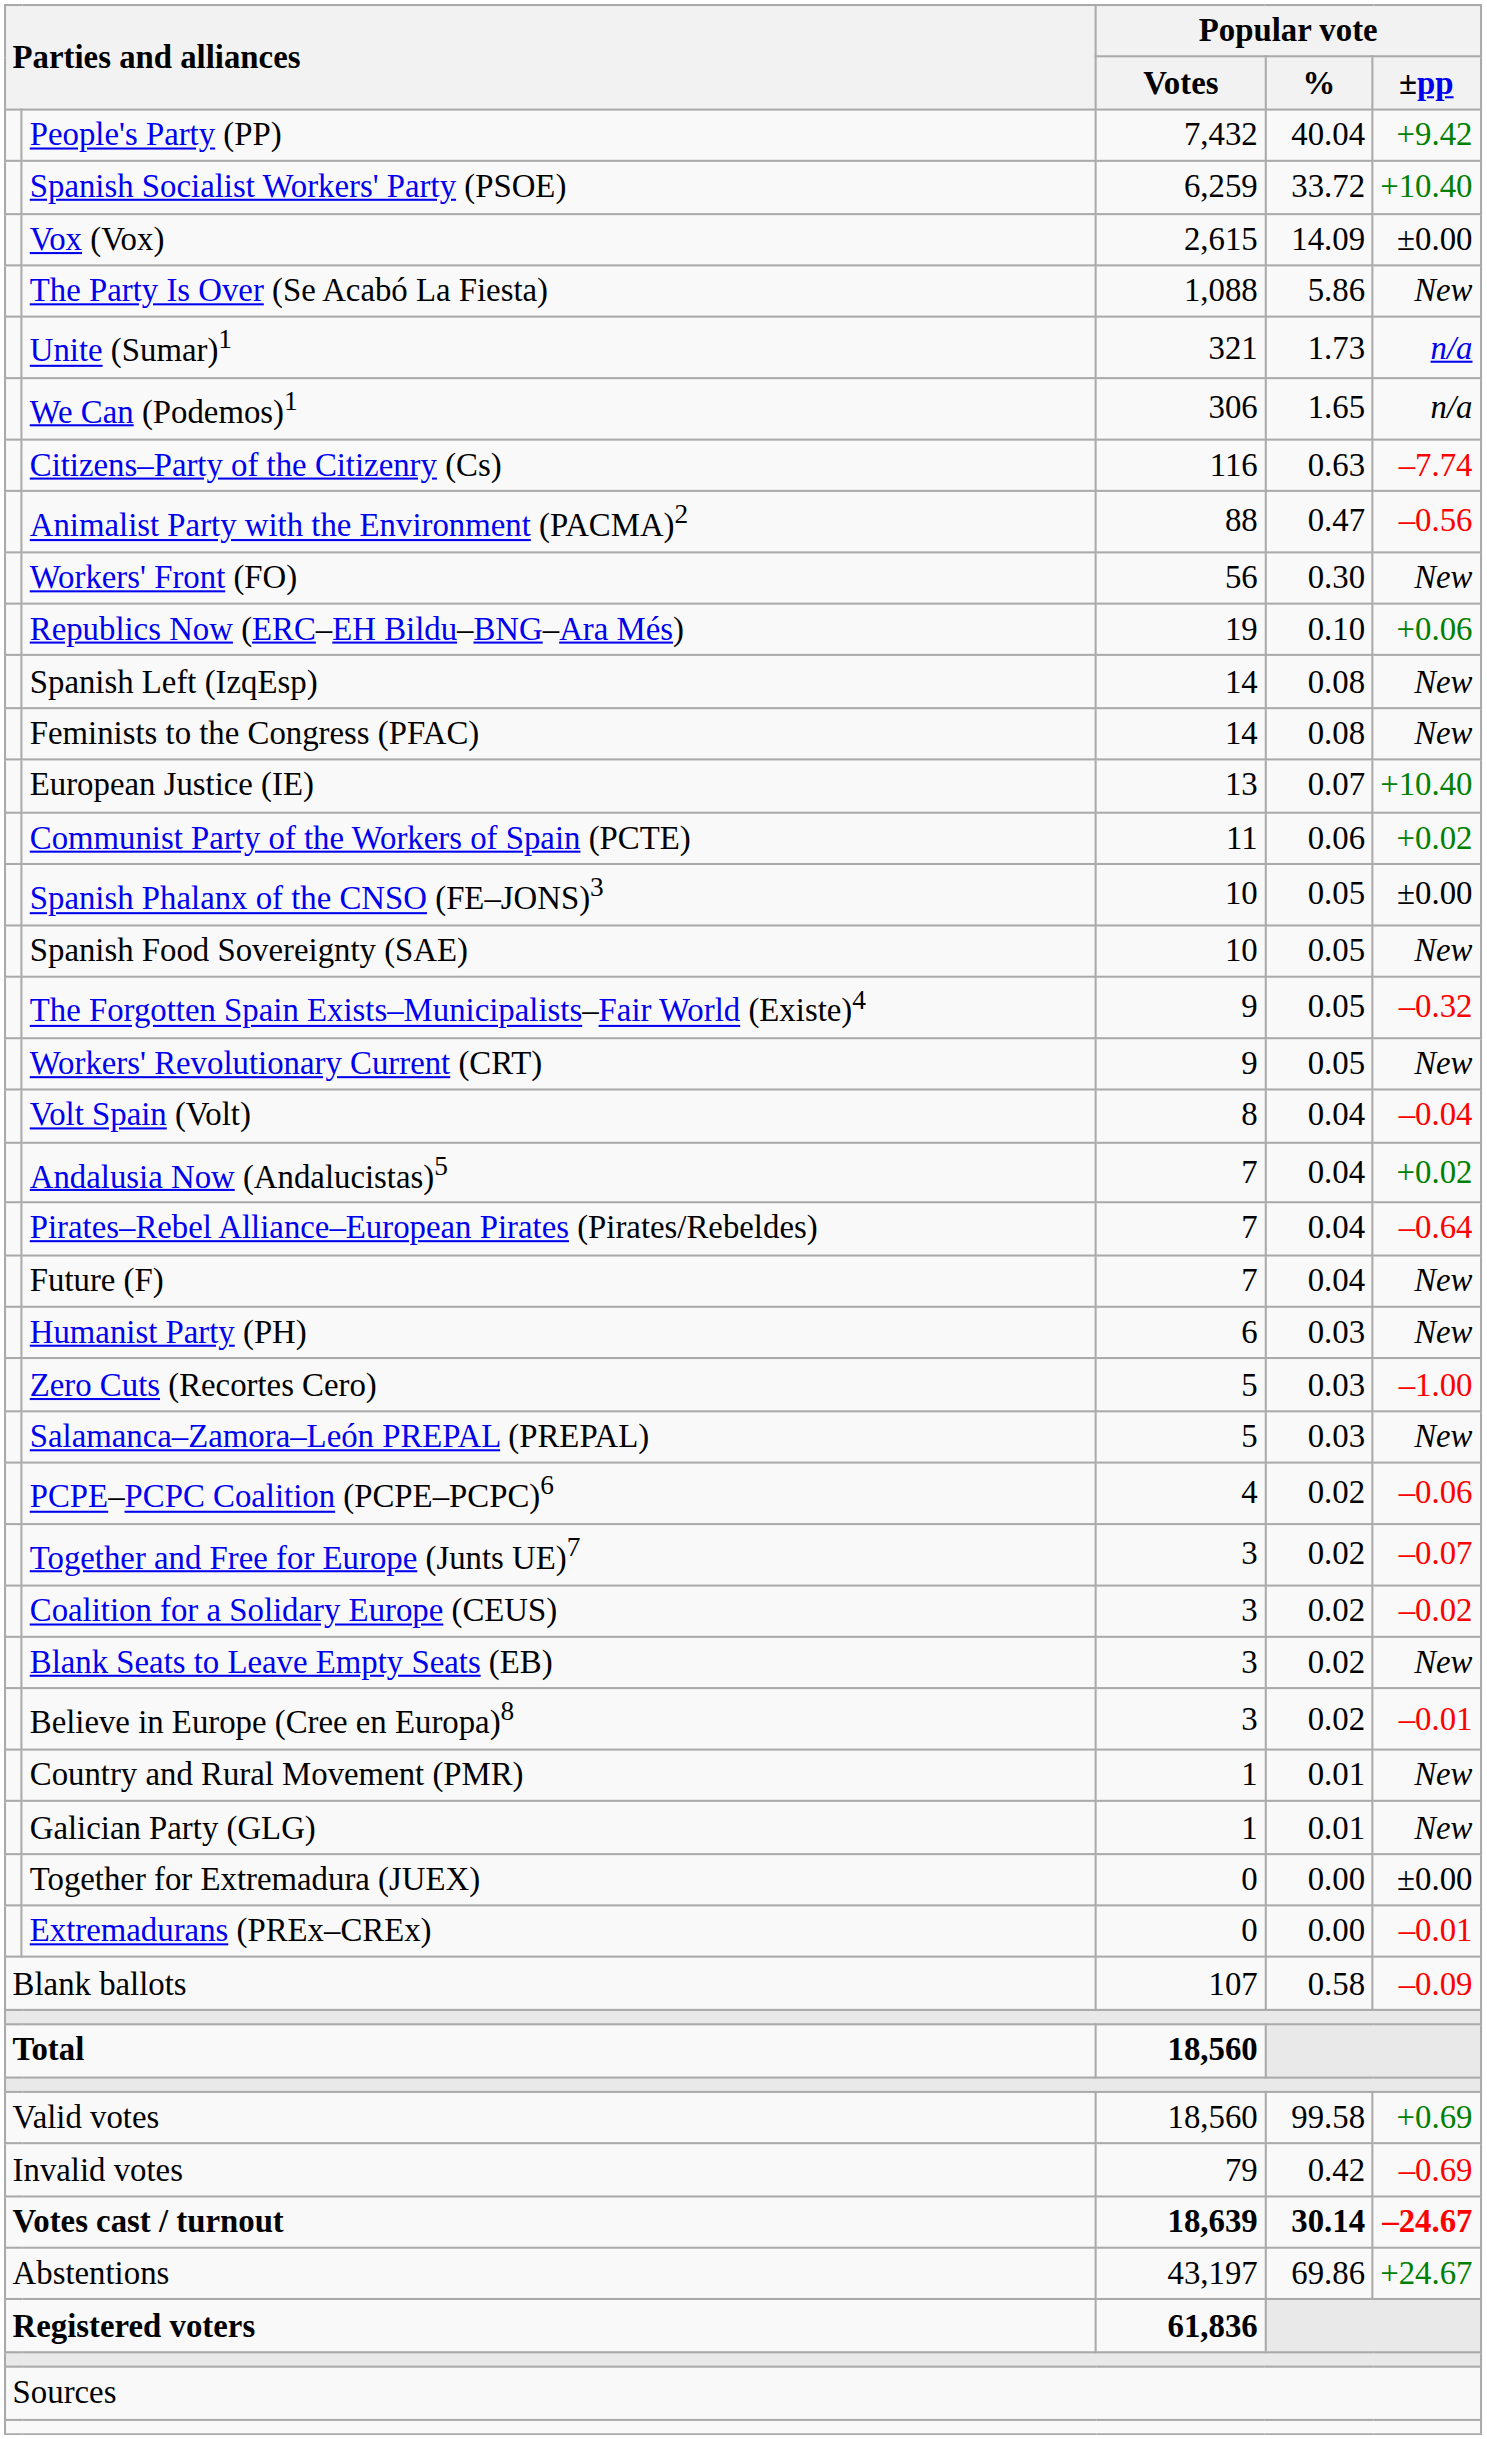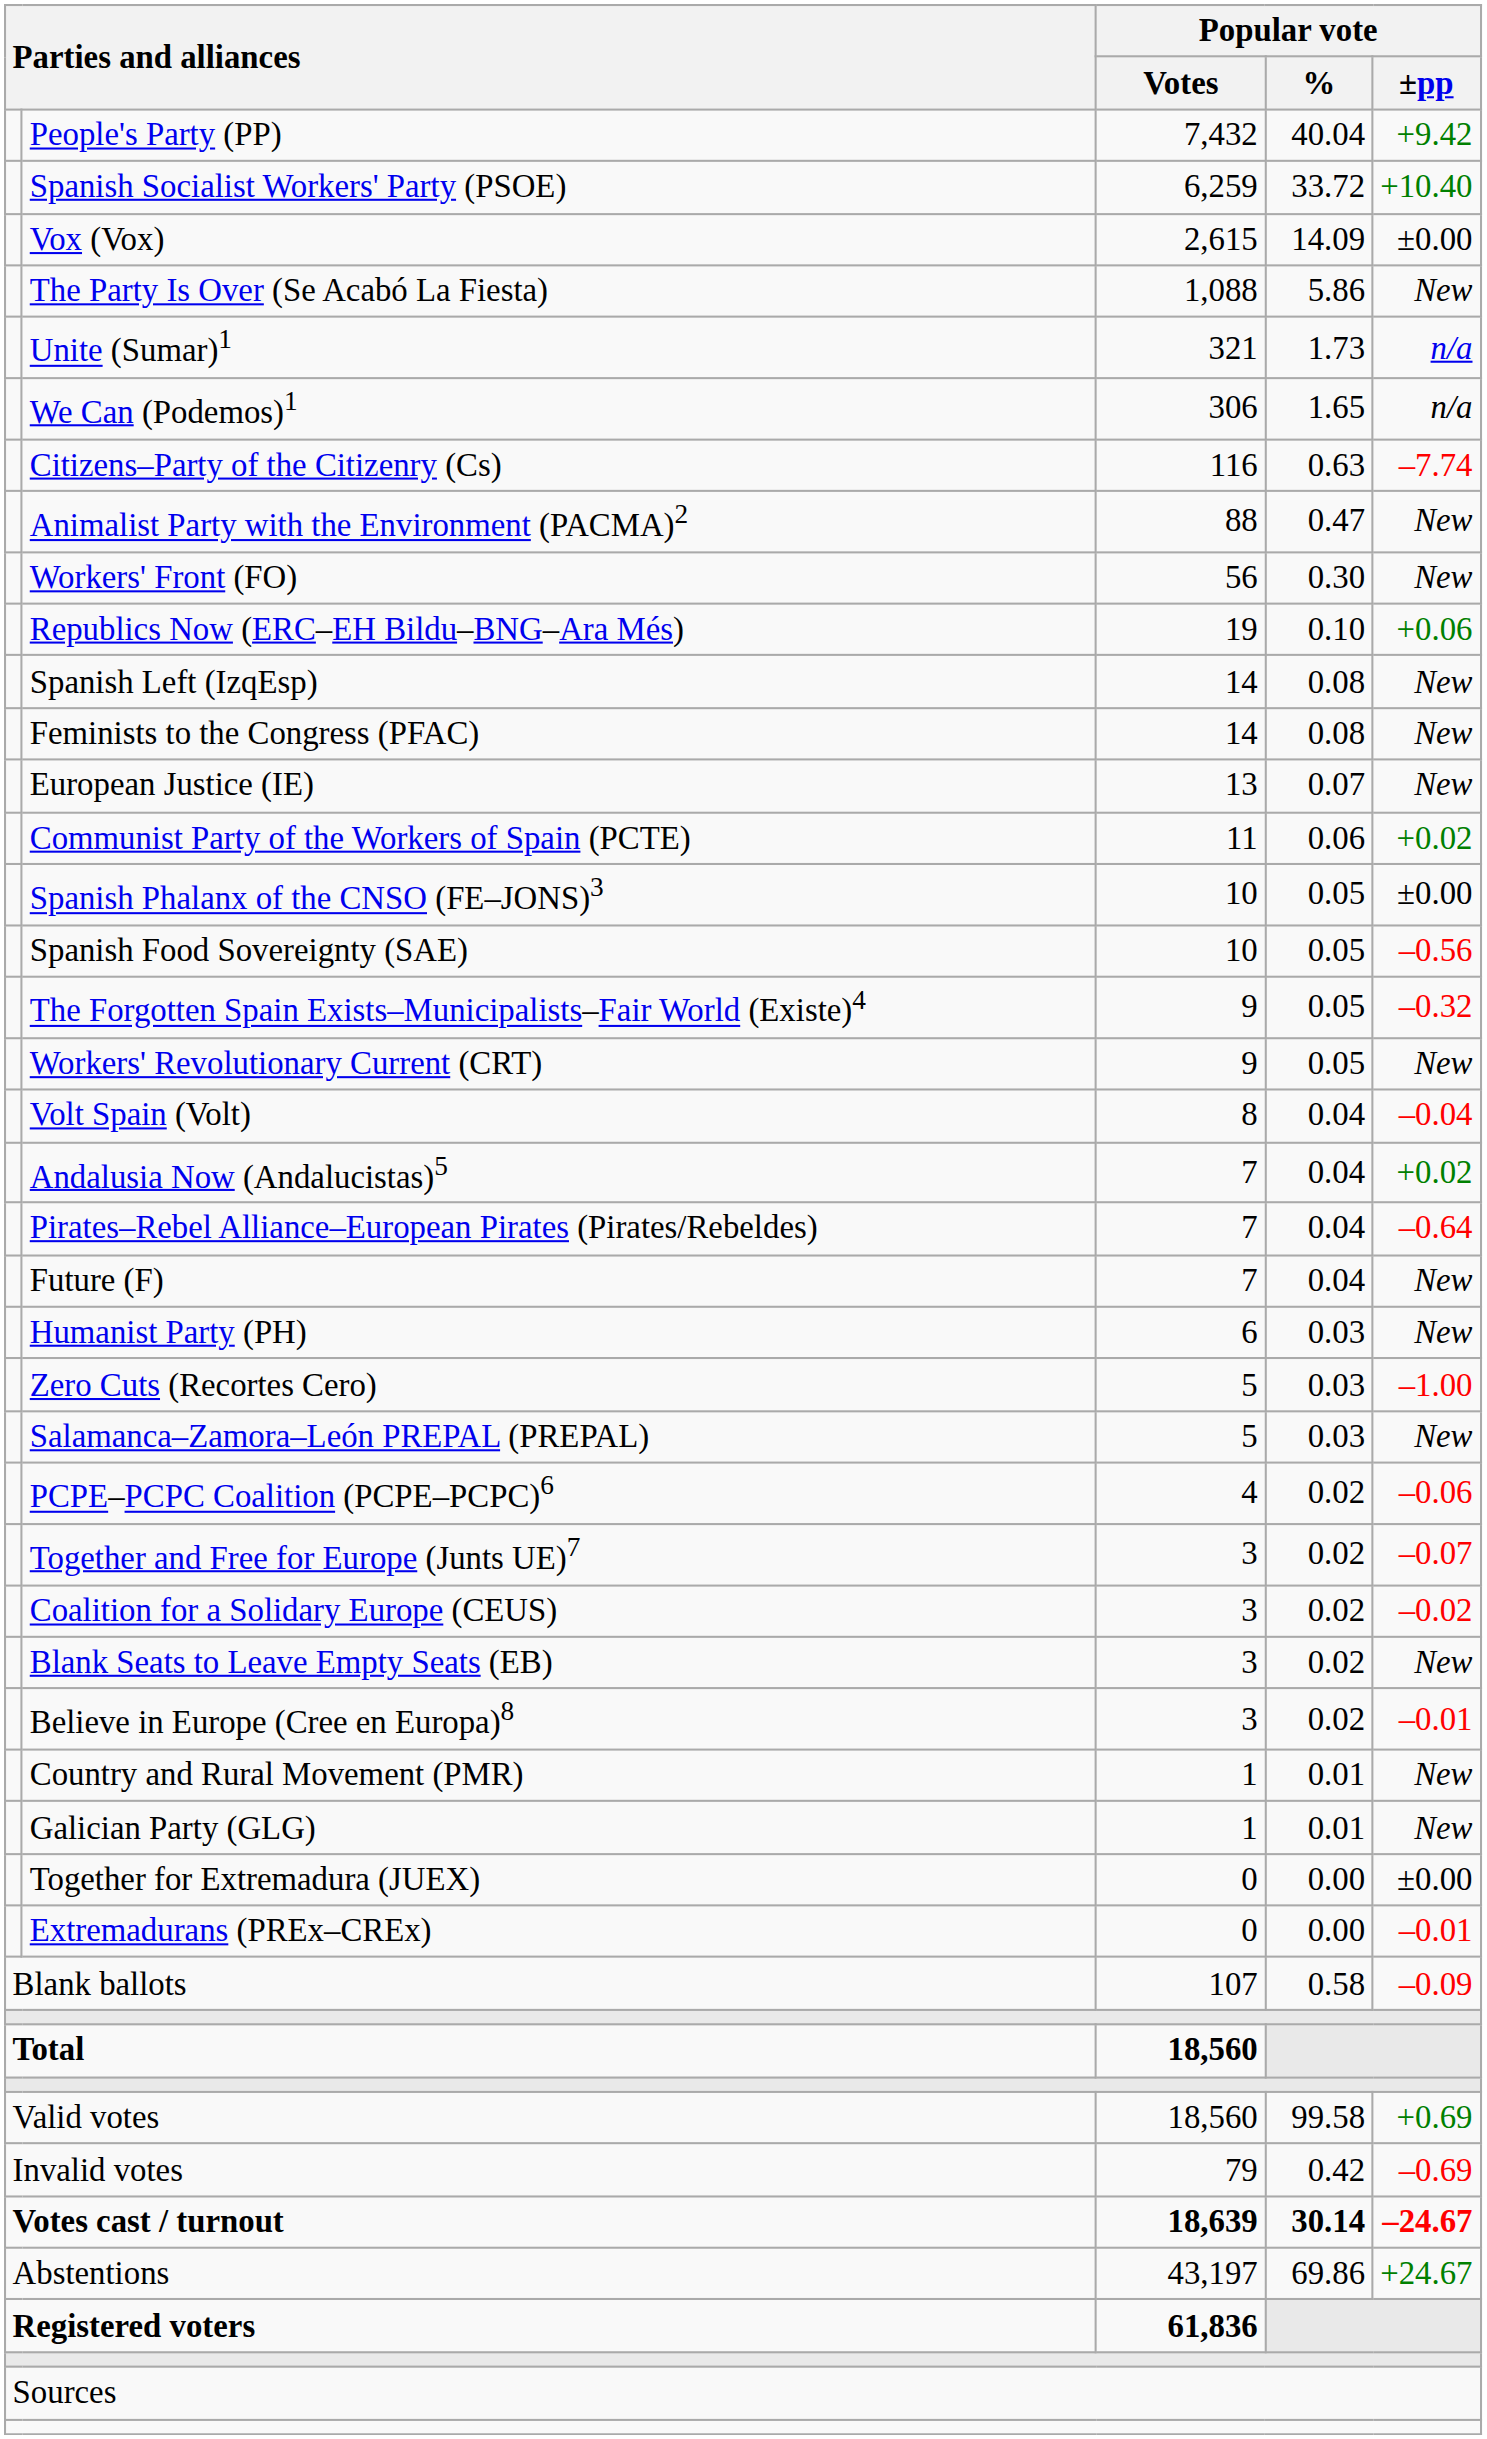 <table class="wikitable" style="text-align:right;">
 <tr>
 <th style="text-align:left;" rowspan="2" colspan="2" width="525">Parties and alliances</th>
 <th colspan="3">Popular vote</th>
 </tr>
 <tr bgcolor="#E9E9E9" align="center">
 <th width="75">Votes</th>
 <th width="45">%</th>
 <th width="45">±<a href='#'>pp</a></th>
 </tr>
 <tr>
 <td width="1" style="color:inherit;background:"></td>
 <td align="left"><a href='#'>People's Party</a> (PP)</td>
 <td>7,432</td>
 <td>40.04</td>
 <td style="color:green;">+9.42</td>
 </tr>
 <tr>
 <td style="color:inherit;background:"></td>
 <td align="left"><a href='#'>Spanish Socialist Workers' Party</a> (PSOE)</td>
 <td>6,259</td>
 <td>33.72</td>
 <td style="color:green;">+10.40</td>
 </tr>
 <tr>
 <td style="color:inherit;background:"></td>
 <td align="left"><a href='#'>Vox</a> (Vox)</td>
 <td>2,615</td>
 <td>14.09</td>
 <td>±0.00</td>
 </tr>
 <tr>
 <td style="color:inherit;background:"></td>
 <td align="left"><a href='#'>The Party Is Over</a> (Se Acabó La Fiesta)</td>
 <td>1,088</td>
 <td>5.86</td>
 <td><em>New</em></td>
 </tr>
 <tr>
 <td style="color:inherit;background:"></td>
 <td align="left"><a href='#'>Unite</a> (Sumar)<sup>1</sup></td>
 <td>321</td>
 <td>1.73</td>
 <td><em><a href='#'>n/a</a></em></td>
 </tr>
 <tr>
 <td style="color:inherit;background:"></td>
 <td align="left"><a href='#'>We Can</a> (Podemos)<sup>1</sup></td>
 <td>306</td>
 <td>1.65</td>
 <td><em>n/a</em></td>
 </tr>
 <tr>
 <td style="color:inherit;background:"></td>
 <td align="left"><a href='#'>Citizens–Party of the Citizenry</a> (Cs)</td>
 <td>116</td>
 <td>0.63</td>
 <td style="color:red;">–7.74</td>
 </tr>
 <tr>
 <td style="color:inherit;background:"></td>
 <td align="left"><a href='#'>Animalist Party with the Environment</a> (PACMA)<sup>2</sup></td>
 <td>88</td>
 <td>0.47</td>
-<td style="color:red;">–0.56</td>
+<td><em>New</em></td>
 </tr>
 <tr>
 <td style="color:inherit;background:"></td>
 <td align="left"><a href='#'>Workers' Front</a> (FO)</td>
 <td>56</td>
 <td>0.30</td>
 <td><em>New</em></td>
 </tr>
 <tr>
 <td style="color:inherit;background:"></td>
 <td align="left"><a href='#'>Republics Now</a> (<a href='#'>ERC</a>–<a href='#'>EH Bildu</a>–<a href='#'>BNG</a>–<a href='#'>Ara Més</a>)</td>
 <td>19</td>
 <td>0.10</td>
 <td style="color:green;">+0.06</td>
 </tr>
 <tr>
 <td style="color:inherit;background:"></td>
 <td align="left">Spanish Left (IzqEsp)</td>
 <td>14</td>
 <td>0.08</td>
 <td><em>New</em></td>
 </tr>
 <tr>
 <td style="color:inherit;background:"></td>
 <td align="left">Feminists to the Congress (PFAC)</td>
 <td>14</td>
 <td>0.08</td>
 <td><em>New</em></td>
 </tr>
 <tr>
 <td style="color:inherit;background:"></td>
 <td align="left">European Justice (IE)</td>
 <td>13</td>
 <td>0.07</td>
-<td style="color:green;">+10.40</td>
+<td><em>New</em></td>
 </tr>
 <tr>
 <td style="color:inherit;background:"></td>
 <td align="left"><a href='#'>Communist Party of the Workers of Spain</a> (PCTE)</td>
 <td>11</td>
 <td>0.06</td>
 <td style="color:green;">+0.02</td>
 </tr>
 <tr>
 <td style="color:inherit;background:"></td>
 <td align="left"><a href='#'>Spanish Phalanx of the CNSO</a> (FE–JONS)<sup>3</sup></td>
 <td>10</td>
 <td>0.05</td>
 <td>±0.00</td>
 </tr>
 <tr>
 <td style="color:inherit;background:"></td>
 <td align="left">Spanish Food Sovereignty (SAE)</td>
 <td>10</td>
 <td>0.05</td>
-<td><em>New</em></td>
+<td style="color:red;">–0.56</td>
 </tr>
 <tr>
 <td style="color:inherit;background:"></td>
 <td align="left"><a href='#'>The Forgotten Spain Exists–Municipalists</a>–<a href='#'>Fair World</a> (Existe)<sup>4</sup></td>
 <td>9</td>
 <td>0.05</td>
 <td style="color:red;">–0.32</td>
 </tr>
 <tr>
 <td style="color:inherit;background:"></td>
 <td align="left"><a href='#'>Workers' Revolutionary Current</a> (CRT)</td>
 <td>9</td>
 <td>0.05</td>
 <td><em>New</em></td>
 </tr>
 <tr>
 <td style="color:inherit;background:"></td>
 <td align="left"><a href='#'>Volt Spain</a> (Volt)</td>
 <td>8</td>
 <td>0.04</td>
 <td style="color:red;">–0.04</td>
 </tr>
 <tr>
 <td style="color:inherit;background:"></td>
 <td align="left"><a href='#'>Andalusia Now</a> (Andalucistas)<sup>5</sup></td>
 <td>7</td>
 <td>0.04</td>
 <td style="color:green;">+0.02</td>
 </tr>
 <tr>
 <td style="color:inherit;background:"></td>
 <td align="left"><a href='#'>Pirates–Rebel Alliance–European Pirates</a> (Pirates/Rebeldes)</td>
 <td>7</td>
 <td>0.04</td>
 <td style="color:red;">–0.64</td>
 </tr>
 <tr>
 <td style="color:inherit;background:"></td>
 <td align="left">Future (F)</td>
 <td>7</td>
 <td>0.04</td>
 <td><em>New</em></td>
 </tr>
 <tr>
 <td style="color:inherit;background:"></td>
 <td align="left"><a href='#'>Humanist Party</a> (PH)</td>
 <td>6</td>
 <td>0.03</td>
 <td><em>New</em></td>
 </tr>
 <tr>
 <td style="color:inherit;background:"></td>
 <td align="left"><a href='#'>Zero Cuts</a> (Recortes Cero)</td>
 <td>5</td>
 <td>0.03</td>
 <td style="color:red;">–1.00</td>
 </tr>
 <tr>
 <td style="color:inherit;background:"></td>
 <td align="left"><a href='#'>Salamanca–Zamora–León PREPAL</a> (PREPAL)</td>
 <td>5</td>
 <td>0.03</td>
 <td><em>New</em></td>
 </tr>
 <tr>
 <td style="color:inherit;background:"></td>
 <td align="left"><a href='#'>PCPE</a>–<a href='#'>PCPC Coalition</a> (PCPE–PCPC)<sup>6</sup></td>
 <td>4</td>
 <td>0.02</td>
 <td style="color:red;">–0.06</td>
 </tr>
 <tr>
 <td style="color:inherit;background:"></td>
 <td align="left"><a href='#'>Together and Free for Europe</a> (Junts UE)<sup>7</sup></td>
 <td>3</td>
 <td>0.02</td>
 <td style="color:red;">–0.07</td>
 </tr>
 <tr>
 <td style="color:inherit;background:"></td>
 <td align="left"><a href='#'>Coalition for a Solidary Europe</a> (CEUS)</td>
 <td>3</td>
 <td>0.02</td>
 <td style="color:red;">–0.02</td>
 </tr>
 <tr>
 <td style="color:inherit;background:"></td>
 <td align="left"><a href='#'>Blank Seats to Leave Empty Seats</a> (EB)</td>
 <td>3</td>
 <td>0.02</td>
 <td><em>New</em></td>
 </tr>
 <tr>
 <td style="color:inherit;background:"></td>
 <td align="left">Believe in Europe (Cree en Europa)<sup>8</sup></td>
 <td>3</td>
 <td>0.02</td>
 <td style="color:red;">–0.01</td>
 </tr>
 <tr>
 <td style="color:inherit;background:"></td>
 <td align="left">Country and Rural Movement (PMR)</td>
 <td>1</td>
 <td>0.01</td>
 <td><em>New</em></td>
 </tr>
 <tr>
 <td style="color:inherit;background:"></td>
 <td align="left">Galician Party (GLG)</td>
 <td>1</td>
 <td>0.01</td>
 <td><em>New</em></td>
 </tr>
 <tr>
 <td style="color:inherit;background:"></td>
 <td align="left">Together for Extremadura (JUEX)</td>
 <td>0</td>
 <td>0.00</td>
 <td>±0.00</td>
 </tr>
 <tr>
 <td style="color:inherit;background:"></td>
 <td align="left"><a href='#'>Extremadurans</a> (PREx–CREx)</td>
 <td>0</td>
 <td>0.00</td>
 <td style="color:red;">–0.01</td>
 </tr>
 <tr>
 <td align="left" colspan="2">Blank ballots</td>
 <td>107</td>
 <td>0.58</td>
 <td style="color:red;">–0.09</td>
 </tr>
 <tr>
 <td colspan="5" bgcolor="#E9E9E9"></td>
 </tr>
 <tr style="font-weight:bold;">
 <td align="left" colspan="2">Total</td>
 <td>18,560</td>
 <td bgcolor="#E9E9E9" colspan="2"></td>
 </tr>
 <tr>
 <td colspan="5" bgcolor="#E9E9E9"></td>
 </tr>
 <tr>
 <td align="left" colspan="2">Valid votes</td>
 <td>18,560</td>
 <td>99.58</td>
 <td style="color:green;">+0.69</td>
 </tr>
 <tr>
 <td align="left" colspan="2">Invalid votes</td>
 <td>79</td>
 <td>0.42</td>
 <td style="color:red;">–0.69</td>
 </tr>
 <tr style="font-weight:bold;">
 <td align="left" colspan="2">Votes cast / turnout</td>
 <td>18,639</td>
 <td>30.14</td>
 <td style="color:red;">–24.67</td>
 </tr>
 <tr>
 <td align="left" colspan="2">Abstentions</td>
 <td>43,197</td>
 <td>69.86</td>
 <td style="color:green;">+24.67</td>
 </tr>
 <tr style="font-weight:bold;">
 <td align="left" colspan="2">Registered voters</td>
 <td>61,836</td>
 <td bgcolor="#E9E9E9" colspan="2"></td>
 </tr>
 <tr>
 <td colspan="5" bgcolor="#E9E9E9"></td>
 </tr>
 <tr>
 <td align="left" colspan="5">Sources</td>
 </tr>
 <tr>
 <td colspan="5" style="text-align:left; max-width:790px;"></td>
 </tr>
 </table>
